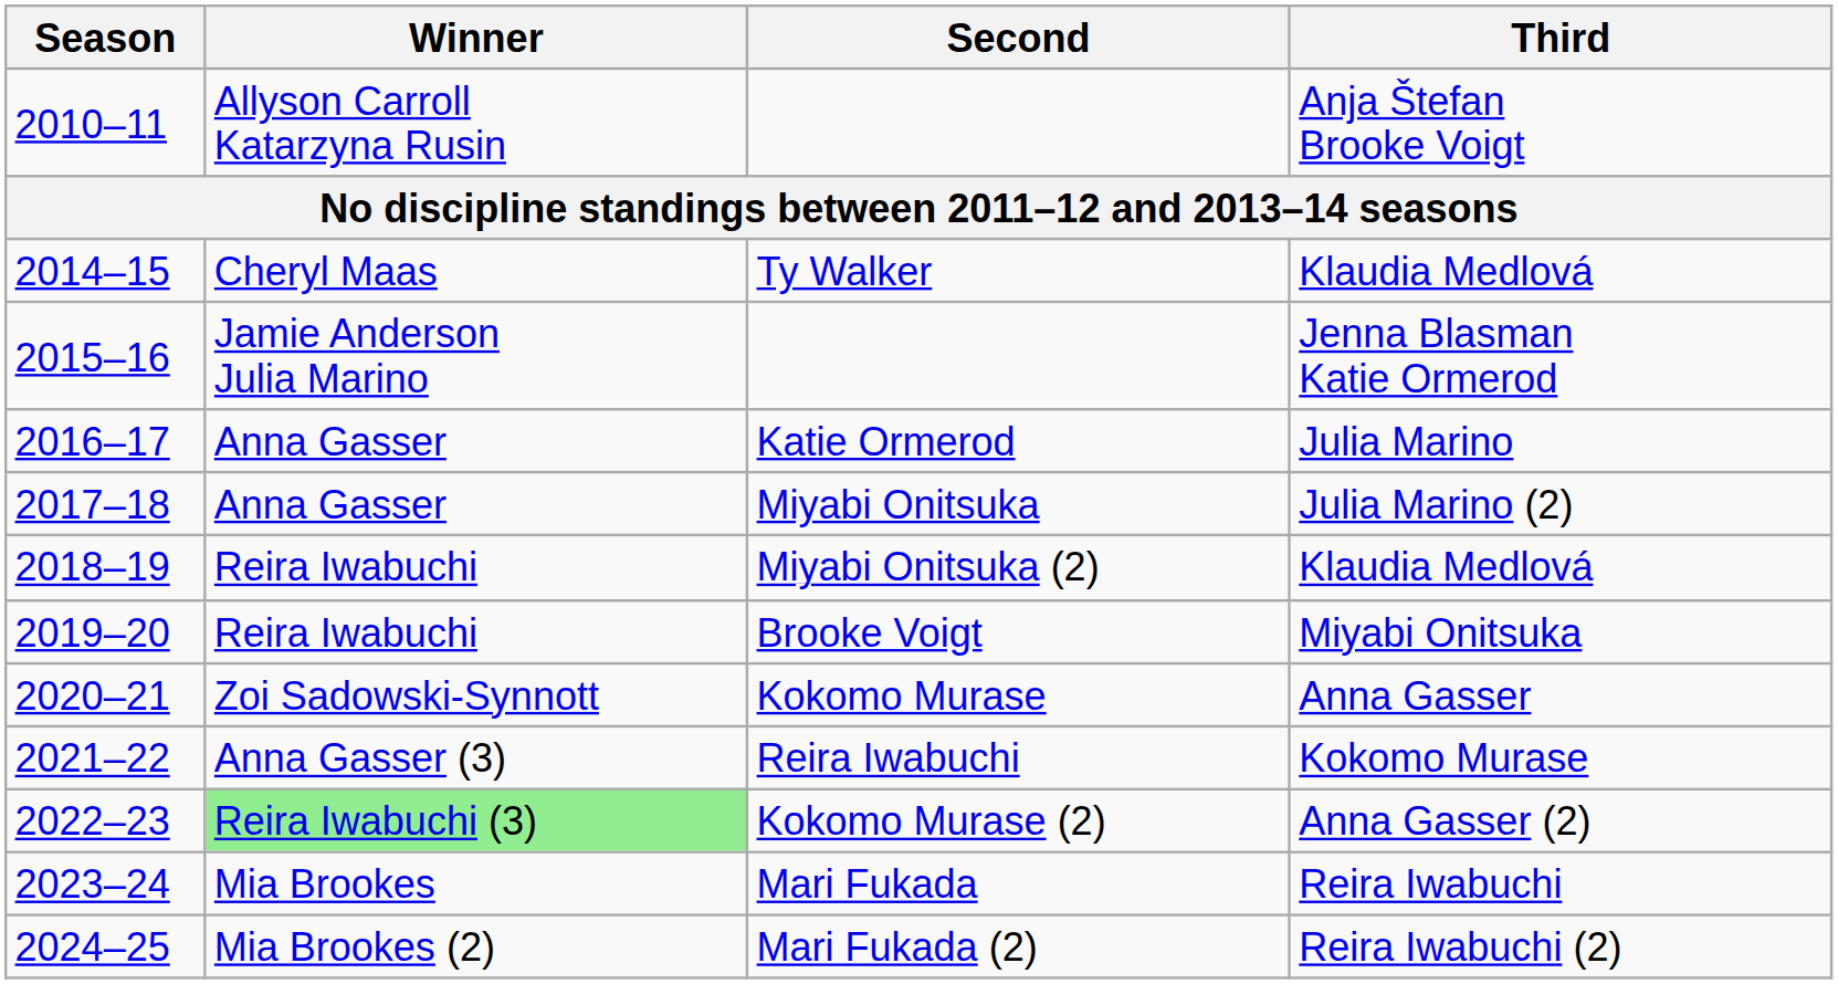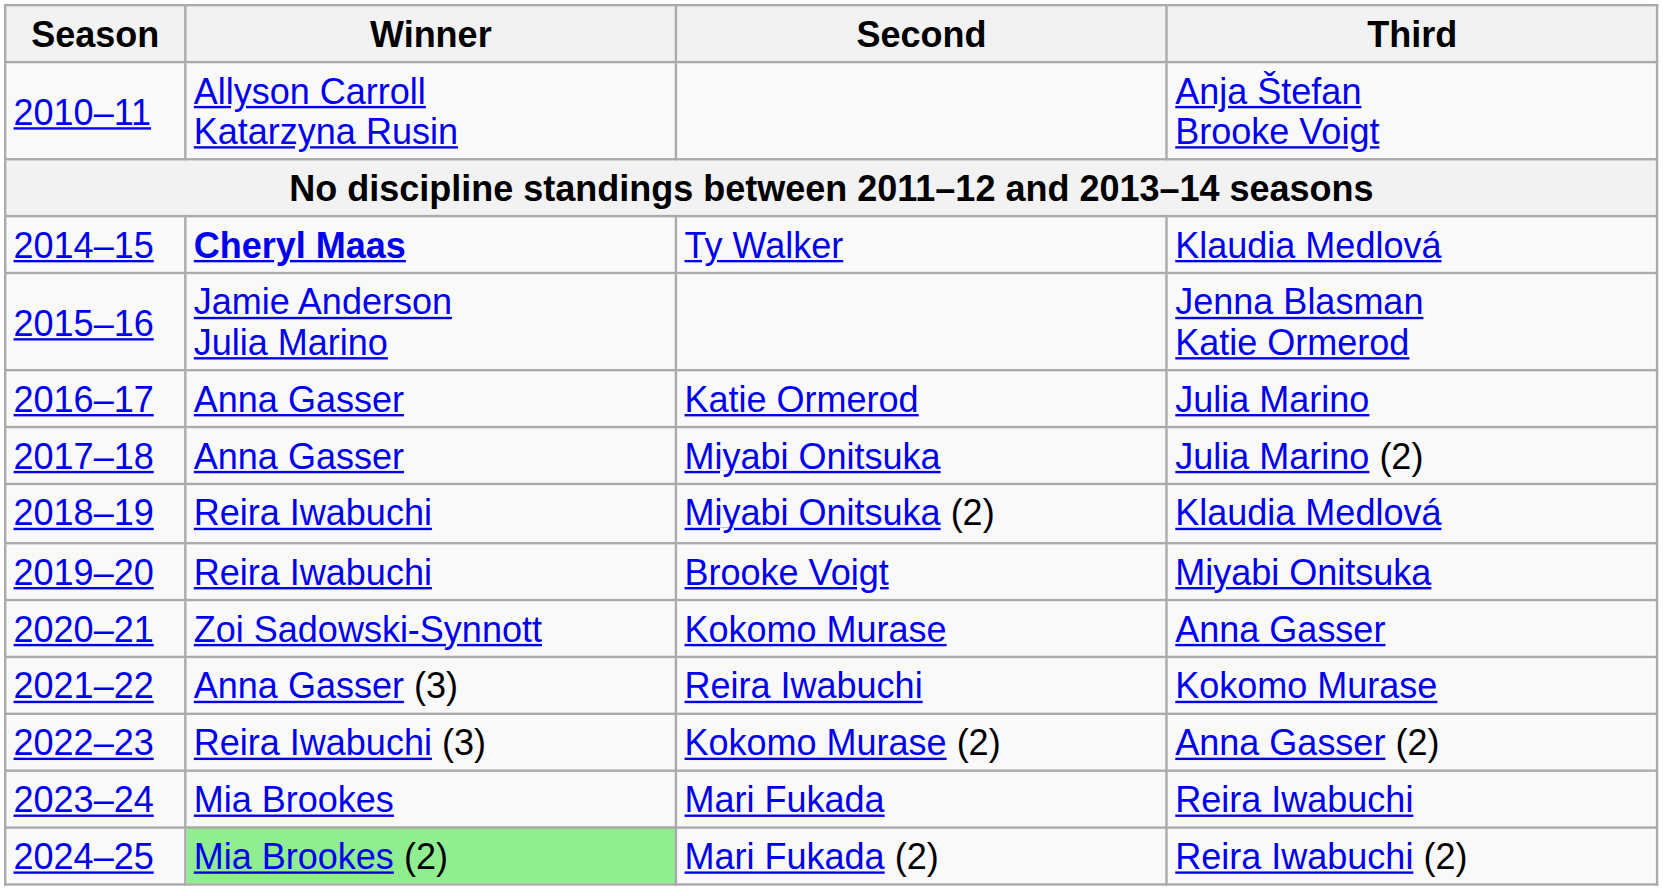 <table class="wikitable" style="font-size:95%;">
 <tr>
 <th width="69">Season</th>
 <th width="200">Winner</th>
 <th width="200">Second</th>
 <th width="200">Third</th>
 </tr>
 <tr>
 <td><a href='#'>2010–11</a></td>
 <td> <a href='#'>Allyson Carroll</a> <br>  <a href='#'>Katarzyna Rusin</a></td>
 <td></td>
 <td> <a href='#'>Anja Štefan</a> <br>  <a href='#'>Brooke Voigt</a></td>
 </tr>
 <tr>
 <th colspan=4>No discipline standings between 2011–12 and 2013–14 seasons</th>
 </tr>
 <tr>
 <td><a href='#'>2014–15</a></td>
-<td> <a href='#'>Cheryl Maas</a></td>
+<td><strong> <a href='#'>Cheryl Maas</a></strong></td>
 <td> <a href='#'>Ty Walker</a></td>
 <td> <a href='#'>Klaudia Medlová</a></td>
 </tr>
 <tr>
 <td><a href='#'>2015–16</a></td>
 <td> <a href='#'>Jamie Anderson</a> <br>  <a href='#'>Julia Marino</a></td>
 <td></td>
 <td> <a href='#'>Jenna Blasman</a> <br>  <a href='#'>Katie Ormerod</a></td>
 </tr>
 <tr>
 <td><a href='#'>2016–17</a></td>
 <td> <a href='#'>Anna Gasser</a></td>
 <td> <a href='#'>Katie Ormerod</a></td>
 <td> <a href='#'>Julia Marino</a></td>
 </tr>
 <tr>
 <td><a href='#'>2017–18</a></td>
 <td> <a href='#'>Anna Gasser</a></td>
 <td> <a href='#'>Miyabi Onitsuka</a></td>
 <td> <a href='#'>Julia Marino</a> (2)</td>
 </tr>
 <tr>
 <td><a href='#'>2018–19</a></td>
 <td> <a href='#'>Reira Iwabuchi</a></td>
 <td> <a href='#'>Miyabi Onitsuka</a> (2)</td>
 <td> <a href='#'>Klaudia Medlová</a></td>
 </tr>
 <tr>
 <td><a href='#'>2019–20</a></td>
 <td> <a href='#'>Reira Iwabuchi</a></td>
 <td> <a href='#'>Brooke Voigt</a></td>
 <td> <a href='#'>Miyabi Onitsuka</a></td>
 </tr>
 <tr>
 <td><a href='#'>2020–21</a></td>
 <td> <a href='#'>Zoi Sadowski-Synnott</a></td>
 <td> <a href='#'>Kokomo Murase</a></td>
 <td> <a href='#'>Anna Gasser</a></td>
 </tr>
 <tr>
 <td><a href='#'>2021–22</a></td>
 <td> <a href='#'>Anna Gasser</a> (3)</td>
 <td> <a href='#'>Reira Iwabuchi</a></td>
 <td> <a href='#'>Kokomo Murase</a></td>
 </tr>
 <tr>
 <td><a href='#'>2022–23</a></td>
-<td style="background: lightgreen;"> <a href='#'>Reira Iwabuchi</a> (3)</td>
+<td> <a href='#'>Reira Iwabuchi</a> (3)</td>
 <td> <a href='#'>Kokomo Murase</a> (2)</td>
 <td> <a href='#'>Anna Gasser</a> (2)</td>
 </tr>
 <tr>
 <td><a href='#'>2023–24</a></td>
 <td> <a href='#'>Mia Brookes</a></td>
 <td> <a href='#'>Mari Fukada</a></td>
 <td> <a href='#'>Reira Iwabuchi</a></td>
 </tr>
 <tr>
 <td><a href='#'>2024–25</a></td>
-<td> <a href='#'>Mia Brookes</a> (2)</td>
+<td style="background: lightgreen;"> <a href='#'>Mia Brookes</a> (2)</td>
 <td> <a href='#'>Mari Fukada</a> (2)</td>
 <td> <a href='#'>Reira Iwabuchi</a> (2)</td>
 </tr>
 </table>
